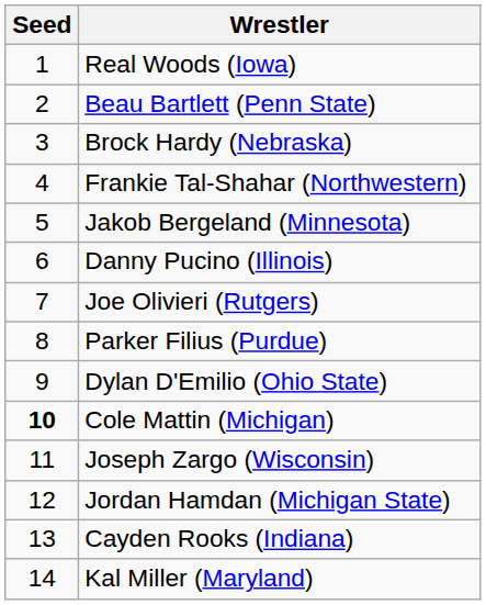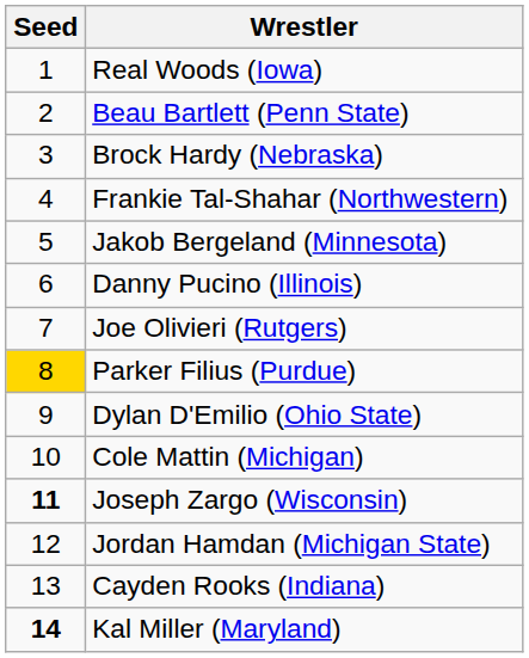 <table class="wikitable" style="text-align: center;">
 <tr>
 <th width="40">Seed</th>
 <th width="250">Wrestler</th>
 </tr>
 <tr>
 <td>1</td>
 <td align="left">Real Woods (<a href='#'>Iowa</a>)</td>
 </tr>
 <tr>
 <td>2</td>
 <td align="left"><a href='#'>Beau Bartlett</a> (<a href='#'>Penn State</a>)</td>
 </tr>
 <tr>
 <td>3</td>
 <td align="left">Brock Hardy (<a href='#'>Nebraska</a>)</td>
 </tr>
 <tr>
 <td>4</td>
 <td align="left">Frankie Tal-Shahar (<a href='#'>Northwestern</a>)</td>
 </tr>
 <tr>
 <td>5</td>
 <td align="left">Jakob Bergeland (<a href='#'>Minnesota</a>)</td>
 </tr>
 <tr>
 <td>6</td>
 <td align="left">Danny Pucino (<a href='#'>Illinois</a>)</td>
 </tr>
 <tr>
 <td>7</td>
 <td align="left">Joe Olivieri (<a href='#'>Rutgers</a>)</td>
 </tr>
 <tr>
-<td>8</td>
+<td style="background: gold;">8</td>
 <td align="left">Parker Filius (<a href='#'>Purdue</a>)</td>
 </tr>
 <tr>
 <td>9</td>
 <td align="left">Dylan D'Emilio (<a href='#'>Ohio State</a>)</td>
 </tr>
 <tr>
-<td><strong>10</strong></td>
+<td>10</td>
 <td align="left">Cole Mattin (<a href='#'>Michigan</a>)</td>
 </tr>
 <tr>
-<td>11</td>
+<td><strong>11</strong></td>
 <td align="left">Joseph Zargo (<a href='#'>Wisconsin</a>)</td>
 </tr>
 <tr>
 <td>12</td>
 <td align="left">Jordan Hamdan (<a href='#'>Michigan State</a>)</td>
 </tr>
 <tr>
 <td>13</td>
 <td align="left">Cayden Rooks (<a href='#'>Indiana</a>)</td>
 </tr>
 <tr>
-<td>14</td>
+<td><strong>14</strong></td>
 <td align="left">Kal Miller (<a href='#'>Maryland</a>)</td>
 </tr>
 </table>
